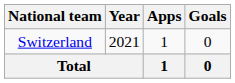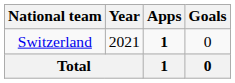 <table class=wikitable style=text-align:center>
 <tr>
 <th>National team</th>
 <th>Year</th>
 <th>Apps</th>
 <th>Goals</th>
 </tr>
 <tr>
 <td><a href='#'>Switzerland</a></td>
 <td>2021</td>
-<td>1</td>
+<td><strong>1</strong></td>
 <td>0</td>
 </tr>
 <tr>
 <th colspan="2">Total</th>
 <th>1</th>
 <th>0</th>
 </tr>
 </table>
